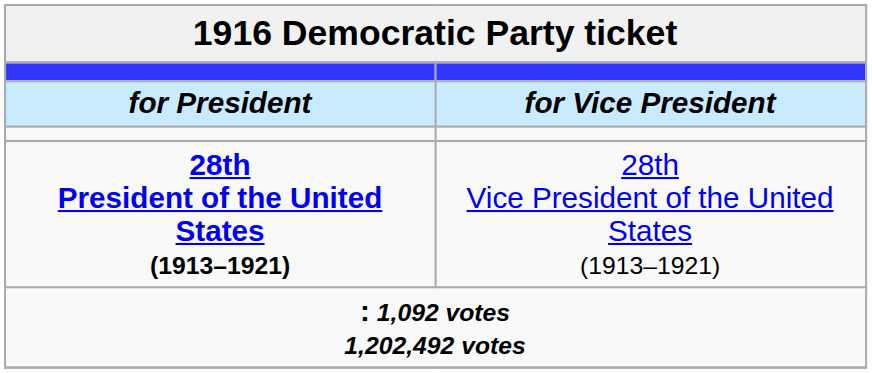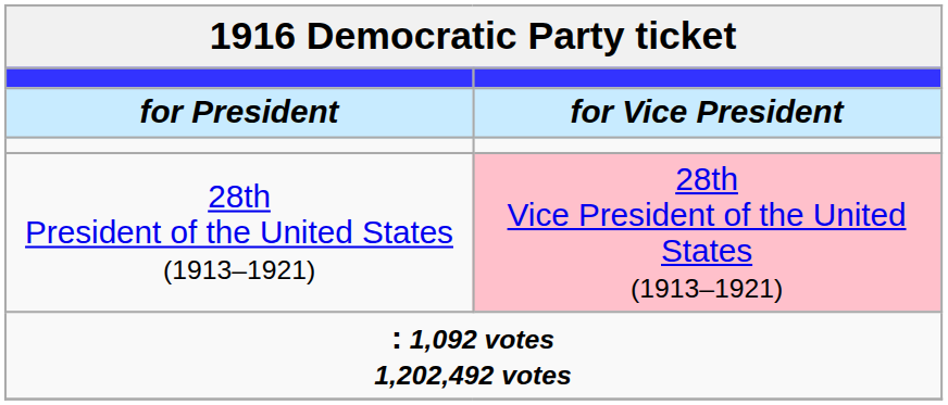 <table class="wikitable" style="font-size:90%; text-align:center;">
 <tr>
 <td style="background:#f1f1f1;" colspan="30"><big><strong>1916 Democratic Party ticket </strong></big></td>
 </tr>
 <tr>
 <th style="width:3em; font-size:135%; background:#3333FF; width:200px;"><a href='#'></a></th>
 <th style="width:3em; font-size:135%; background:#3333FF; width:200px;"><a href='#'></a></th>
 </tr>
 <tr>
 <td style="width:3em; font-size:100%; color:#000; background:#C8EBFF; width:200px;"><strong><em>for President</em></strong></td>
 <td style="width:3em; font-size:100%; color:#000; background:#C8EBFF; width:200px;"><strong><em>for Vice President</em></strong></td>
 </tr>
 <tr>
 <td></td>
 <td></td>
 </tr>
 <tr>
-<td><strong><a href='#'>28th</a><br><a href='#'>President of the United States</a><br><small>(1913–1921)</small></strong></td>
-<td><a href='#'>28th</a><br><a href='#'>Vice President of the United States</a><br><small>(1913–1921)</small></td>
+<td><a href='#'>28th</a><br><a href='#'>President of the United States</a><br><small>(1913–1921)</small></td>
+<td style="background: pink;"><a href='#'>28th</a><br><a href='#'>Vice President of the United States</a><br><small>(1913–1921)</small></td>
 </tr>
 <tr>
 <td colspan=2><strong>:<strong><em><small> 1,092 votes</small><em><br><small>1,202,492 votes</small></td>
 </tr>
 <tr>
 </tr>
 </table>
